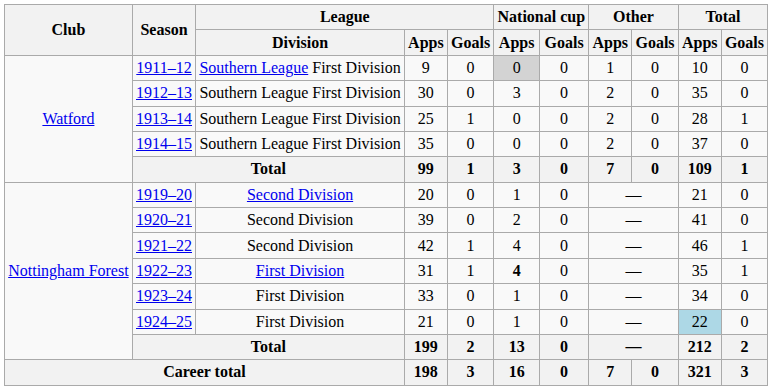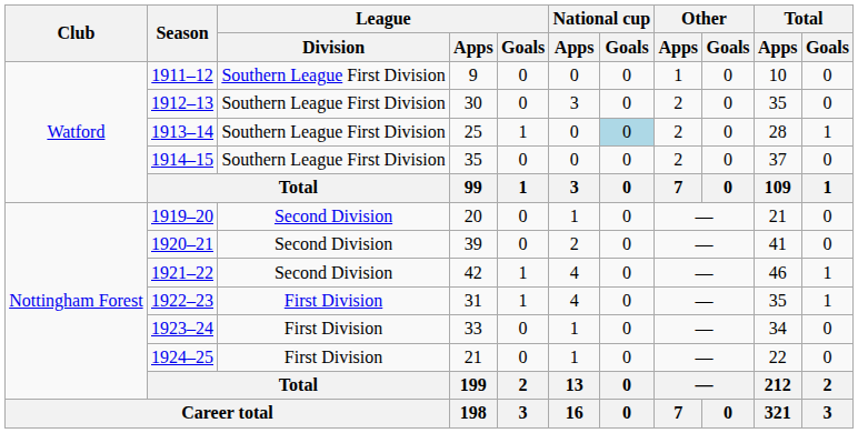 <table class="wikitable" style="text-align:center">
 <tr>
 <th rowspan="2">Club</th>
 <th rowspan="2">Season</th>
 <th colspan="3">League</th>
 <th colspan="2">National cup</th>
 <th colspan="2">Other</th>
 <th colspan="2">Total</th>
 </tr>
 <tr>
 <th>Division</th>
 <th>Apps</th>
 <th>Goals</th>
 <th>Apps</th>
 <th>Goals</th>
 <th>Apps</th>
 <th>Goals</th>
 <th>Apps</th>
 <th>Goals</th>
 </tr>
 <tr>
 <td rowspan="5"><a href='#'>Watford</a></td>
 <td><a href='#'>1911–12</a></td>
 <td><a href='#'>Southern League</a> First Division</td>
 <td>9</td>
 <td>0</td>
-<td style="background: lightgrey;">0</td>
+<td>0</td>
 <td>0</td>
 <td>1</td>
 <td>0</td>
 <td>10</td>
 <td>0</td>
 </tr>
 <tr>
 <td><a href='#'>1912–13</a></td>
 <td>Southern League First Division</td>
 <td>30</td>
 <td>0</td>
 <td>3</td>
 <td>0</td>
 <td>2</td>
 <td>0</td>
 <td>35</td>
 <td>0</td>
 </tr>
 <tr>
 <td><a href='#'>1913–14</a></td>
 <td>Southern League First Division</td>
 <td>25</td>
 <td>1</td>
 <td>0</td>
-<td>0</td>
+<td style="background: lightblue;">0</td>
 <td>2</td>
 <td>0</td>
 <td>28</td>
 <td>1</td>
 </tr>
 <tr>
 <td><a href='#'>1914–15</a></td>
 <td>Southern League First Division</td>
 <td>35</td>
 <td>0</td>
 <td>0</td>
 <td>0</td>
 <td>2</td>
 <td>0</td>
 <td>37</td>
 <td>0</td>
 </tr>
 <tr>
 <th colspan="2">Total</th>
 <th>99</th>
 <th>1</th>
 <th>3</th>
 <th>0</th>
 <th>7</th>
 <th>0</th>
 <th>109</th>
 <th>1</th>
 </tr>
 <tr>
 <td rowspan="7"><a href='#'>Nottingham Forest</a></td>
 <td><a href='#'>1919–20</a></td>
 <td><a href='#'>Second Division</a></td>
 <td>20</td>
 <td>0</td>
 <td>1</td>
 <td>0</td>
 <td colspan="2">―</td>
 <td>21</td>
 <td>0</td>
 </tr>
 <tr>
 <td><a href='#'>1920–21</a></td>
 <td>Second Division</td>
 <td>39</td>
 <td>0</td>
 <td>2</td>
 <td>0</td>
 <td colspan="2">―</td>
 <td>41</td>
 <td>0</td>
 </tr>
 <tr>
 <td><a href='#'>1921–22</a></td>
 <td>Second Division</td>
 <td>42</td>
 <td>1</td>
 <td>4</td>
 <td>0</td>
 <td colspan="2">―</td>
 <td>46</td>
 <td>1</td>
 </tr>
 <tr>
 <td><a href='#'>1922–23</a></td>
 <td><a href='#'>First Division</a></td>
 <td>31</td>
 <td>1</td>
-<td><strong>4</strong></td>
+<td>4</td>
 <td>0</td>
 <td colspan="2">―</td>
 <td>35</td>
 <td>1</td>
 </tr>
 <tr>
 <td><a href='#'>1923–24</a></td>
 <td>First Division</td>
 <td>33</td>
 <td>0</td>
 <td>1</td>
 <td>0</td>
 <td colspan="2">―</td>
 <td>34</td>
 <td>0</td>
 </tr>
 <tr>
 <td><a href='#'>1924–25</a></td>
 <td>First Division</td>
 <td>21</td>
 <td>0</td>
 <td>1</td>
 <td>0</td>
 <td colspan="2">―</td>
-<td style="background: lightblue;">22</td>
+<td>22</td>
 <td>0</td>
 </tr>
 <tr>
 <th colspan="2">Total</th>
 <th>199</th>
 <th>2</th>
 <th>13</th>
 <th>0</th>
 <th colspan="2">―</th>
 <th>212</th>
 <th>2</th>
 </tr>
 <tr>
 <th colspan="3">Career total</th>
 <th>198</th>
 <th>3</th>
 <th>16</th>
 <th>0</th>
 <th>7</th>
 <th>0</th>
 <th>321</th>
 <th>3</th>
 </tr>
 </table>
